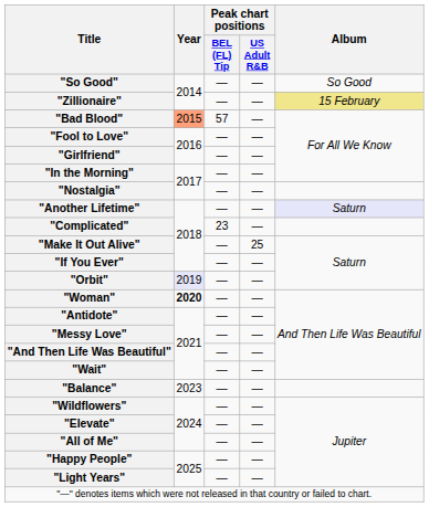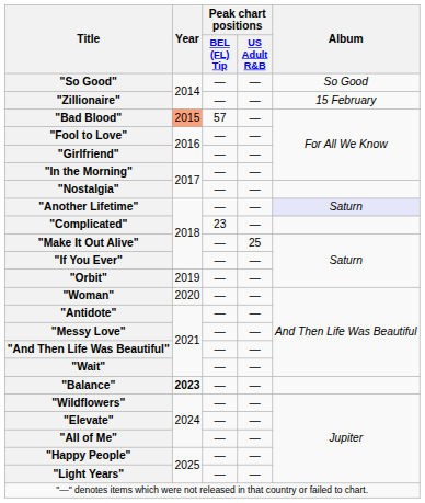 <table class="wikitable plainrowheaders" style="text-align:center;">
 <tr>
 <th scope="col" rowspan="2">Title</th>
 <th scope="col" rowspan="2">Year</th>
 <th scope="col" colspan="2">Peak chart positions</th>
 <th scope="col" rowspan="2">Album</th>
 </tr>
 <tr>
 <th scope="col" style="width:3em;font-size:90%;"><a href='#'>BEL<br>(FL)<br>Tip</a><br></th>
 <th scope="col" style="width:3em;font-size:90%;"><a href='#'>US<br>Adult<br>R&B</a><br></th>
 </tr>
 <tr>
 <th scope="row">"So Good"</th>
 <td rowspan="2">2014</td>
 <td>—</td>
 <td>—</td>
 <td><em>So Good</em></td>
 </tr>
 <tr>
 <th scope="row">"Zillionaire"</th>
 <td>—</td>
 <td>—</td>
-<td style="background: khaki;"><em>15 February</em></td>
+<td><em>15 February</em></td>
 </tr>
 <tr>
 <th scope="row">"Bad Blood"</th>
 <td style="background: lightsalmon;">2015</td>
 <td>57</td>
 <td>—</td>
 <td rowspan="4"><em>For All We Know</em></td>
 </tr>
 <tr>
 <th scope="row">"Fool to Love"</th>
 <td rowspan="2">2016</td>
 <td>—</td>
 <td>—</td>
 </tr>
 <tr>
 <th scope="row">"Girlfriend"</th>
 <td>—</td>
 <td>—</td>
 </tr>
 <tr>
 <th scope="row">"In the Morning"</th>
 <td rowspan="2">2017</td>
 <td>—</td>
 <td>—</td>
 </tr>
 <tr>
 <th scope="row">"Nostalgia"</th>
 <td>—</td>
 <td>—</td>
 <td></td>
 </tr>
 <tr>
 <th scope="row">"Another Lifetime"</th>
 <td rowspan="4">2018</td>
 <td>—</td>
 <td>—</td>
 <td style="background: lavender;"><em>Saturn</em></td>
 </tr>
 <tr>
 <th scope="row">"Complicated"<br></th>
 <td>23</td>
 <td>—</td>
 <td></td>
 </tr>
 <tr>
 <th scope="row">"Make It Out Alive"<br></th>
 <td>—</td>
 <td>25</td>
 <td rowspan="3"><em>Saturn</em></td>
 </tr>
 <tr>
 <th scope="row">"If You Ever"<br></th>
 <td>—</td>
 <td>—</td>
 </tr>
 <tr>
 <th scope="row">"Orbit"</th>
-<td style="background: lavender;">2019</td>
+<td>2019</td>
 <td>—</td>
 <td>—</td>
 </tr>
 <tr>
 <th scope="row">"Woman"<br></th>
-<td><strong>2020</strong></td>
+<td>2020</td>
 <td>—</td>
 <td>—</td>
 <td rowspan="5"><em>And Then Life Was Beautiful</em></td>
 </tr>
 <tr>
 <th scope="row">"Antidote"<br></th>
 <td rowspan="4">2021</td>
 <td>—</td>
 <td>—</td>
 </tr>
 <tr>
 <th scope="row">"Messy Love"</th>
 <td>—</td>
 <td>—</td>
 </tr>
 <tr>
 <th scope="row">"And Then Life Was Beautiful"</th>
 <td>—</td>
 <td>—</td>
 </tr>
 <tr>
 <th scope="row">"Wait"</th>
 <td>—</td>
 <td>—</td>
 </tr>
 <tr>
 <th scope="row">"Balance"<br></th>
-<td>2023</td>
+<td><strong>2023</strong></td>
 <td>—</td>
 <td>—</td>
 <td></td>
 </tr>
 <tr>
 <th scope="row">"Wildflowers"</th>
 <td rowspan="3">2024</td>
 <td>—</td>
 <td>—</td>
 <td rowspan="5"><em>Jupiter</em></td>
 </tr>
 <tr>
 <th scope="row">"Elevate"</th>
 <td>—</td>
 <td>—</td>
 </tr>
 <tr>
 <th scope="row">"All of Me"</th>
 <td>—</td>
 <td>—</td>
 </tr>
 <tr>
 <th scope="row">"Happy People"</th>
 <td rowspan="2">2025</td>
 <td>—</td>
 <td>—</td>
 </tr>
 <tr>
 <th scope="row">"Light Years"</th>
 <td>—</td>
 <td>—</td>
 </tr>
 <tr>
 <td colspan="11" style="font-size:83%;">"—" denotes items which were not released in that country or failed to chart.</td>
 </tr>
 </table>
